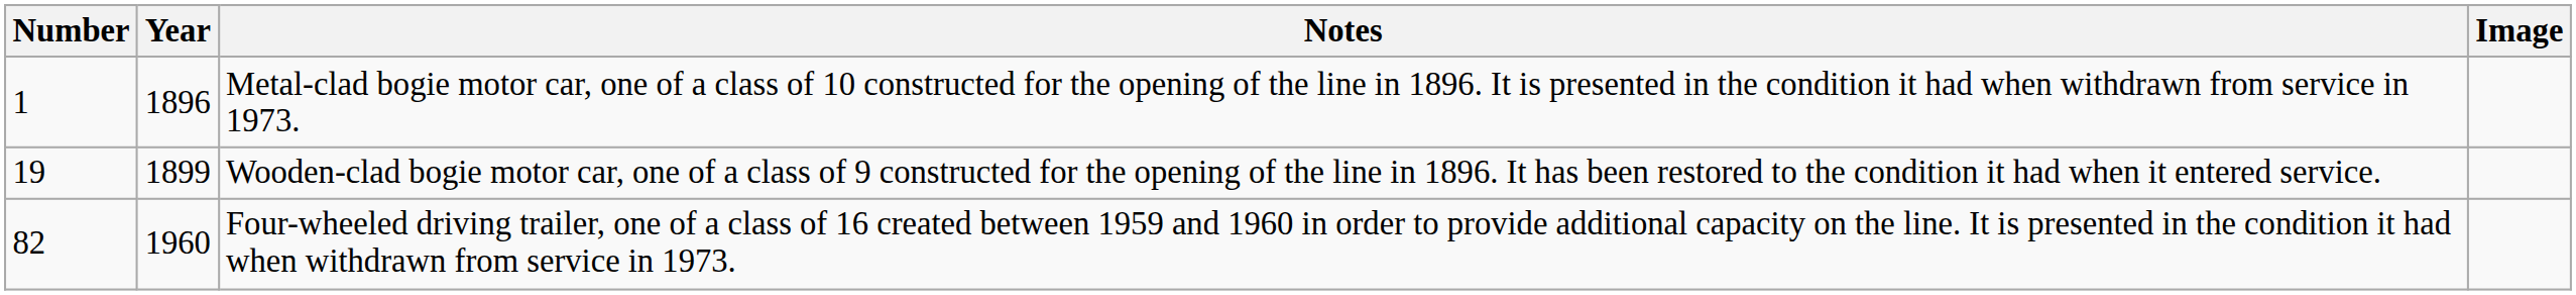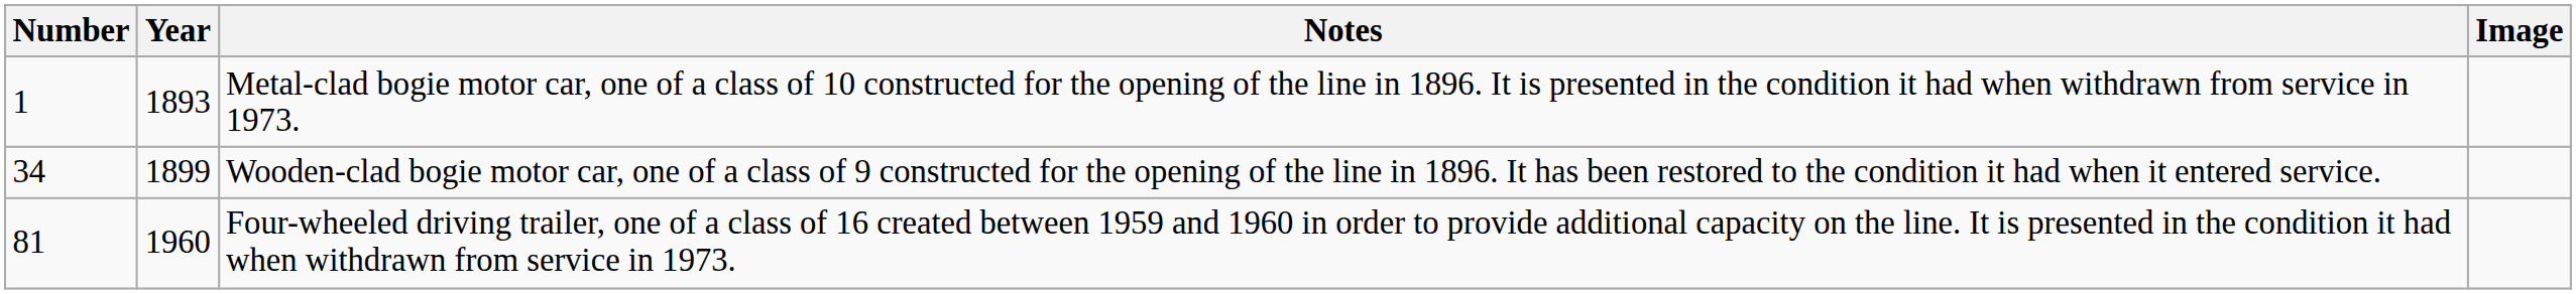 <table class="wikitable sortable">
 <tr>
 <th>Number</th>
 <th>Year</th>
 <th>Notes</th>
 <th>Image</th>
 </tr>
 <tr ->
 <td>1</td>
-<td>1896</td>
+<td>1893</td>
 <td>Metal-clad bogie motor car, one of a class of 10 constructed for the opening of the line in 1896. It is presented in the condition it had when withdrawn from service in 1973.</td>
 <td></td>
 </tr>
 <tr>
-<td>19</td>
+<td>34</td>
 <td>1899</td>
 <td>Wooden-clad bogie motor car, one of a class of 9 constructed for the opening of the line in 1896. It has been restored to the condition it had when it entered service.</td>
 <td></td>
 </tr>
 <tr>
-<td>82</td>
+<td>81</td>
 <td>1960</td>
 <td>Four-wheeled driving trailer, one of a class of 16 created between 1959 and 1960 in order to provide additional capacity on the line. It is presented in the condition it had when withdrawn from service in 1973.</td>
 <td></td>
 </tr>
 </table>
